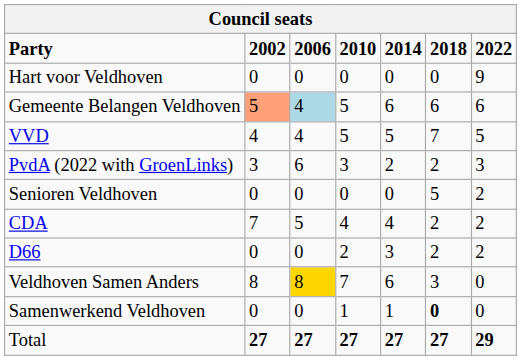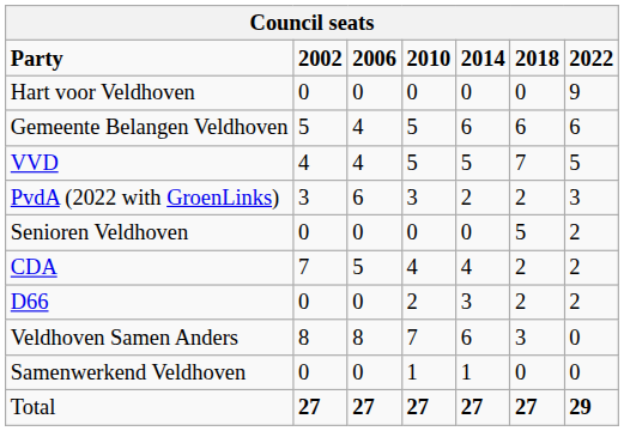 <table class="wikitable">
 <tr>
 <th colspan="8"><strong>Council seats</strong></th>
 </tr>
 <tr>
 <td><strong>Party</strong></td>
 <td><strong>2002</strong></td>
 <td><strong>2006</strong></td>
 <td><strong>2010</strong></td>
 <td><strong>2014</strong></td>
 <td><strong>2018</strong></td>
 <td><strong>2022</strong></td>
 </tr>
 <tr>
 <td>Hart voor Veldhoven</td>
 <td>0</td>
 <td>0</td>
 <td>0</td>
 <td>0</td>
 <td>0</td>
 <td>9</td>
 </tr>
 <tr>
 <td>Gemeente Belangen Veldhoven</td>
-<td style="background: lightsalmon;">5</td>
-<td style="background: lightblue;">4</td>
+<td>5</td>
+<td>4</td>
 <td>5</td>
 <td>6</td>
 <td>6</td>
 <td>6</td>
 </tr>
 <tr>
 <td><a href='#'>VVD</a></td>
 <td>4</td>
 <td>4</td>
 <td>5</td>
 <td>5</td>
 <td>7</td>
 <td>5</td>
 </tr>
 <tr>
 <td><a href='#'>PvdA</a> (2022 with <a href='#'>GroenLinks</a>)</td>
 <td>3</td>
 <td>6</td>
 <td>3</td>
 <td>2</td>
 <td>2</td>
 <td>3</td>
 </tr>
 <tr>
 <td>Senioren Veldhoven</td>
 <td>0</td>
 <td>0</td>
 <td>0</td>
 <td>0</td>
 <td>5</td>
 <td>2</td>
 </tr>
 <tr>
 <td><a href='#'>CDA</a></td>
 <td>7</td>
 <td>5</td>
 <td>4</td>
 <td>4</td>
 <td>2</td>
 <td 2>2</td>
 </tr>
 <tr>
 <td><a href='#'>D66</a></td>
 <td>0</td>
 <td>0</td>
 <td>2</td>
 <td>3</td>
 <td>2</td>
 <td>2</td>
 </tr>
 <tr>
 <td>Veldhoven Samen Anders</td>
 <td>8</td>
-<td style="background: gold;">8</td>
+<td>8</td>
 <td>7</td>
 <td>6</td>
 <td>3</td>
 <td>0</td>
 </tr>
 <tr>
 <td>Samenwerkend Veldhoven</td>
 <td>0</td>
 <td>0</td>
 <td>1</td>
 <td>1</td>
-<td><strong>0</strong></td>
+<td>0</td>
 <td>0</td>
 </tr>
 <tr>
 <td>Total</td>
 <td><strong>27</strong></td>
 <td><strong>27</strong></td>
 <td><strong>27</strong></td>
 <td><strong>27</strong></td>
 <td><strong>27</strong></td>
 <td><strong>29</strong></td>
 </tr>
 </table>
